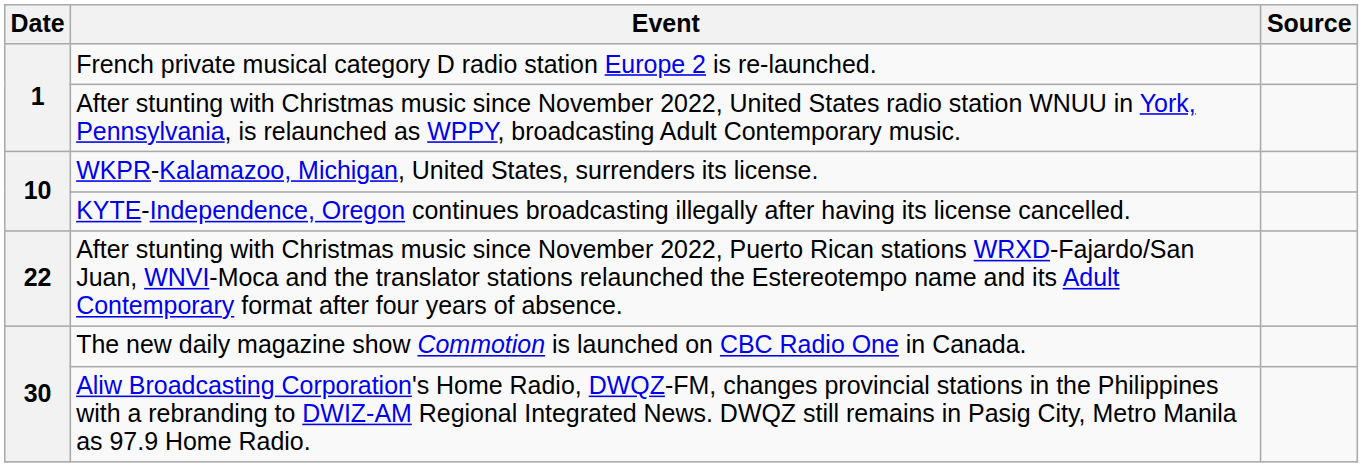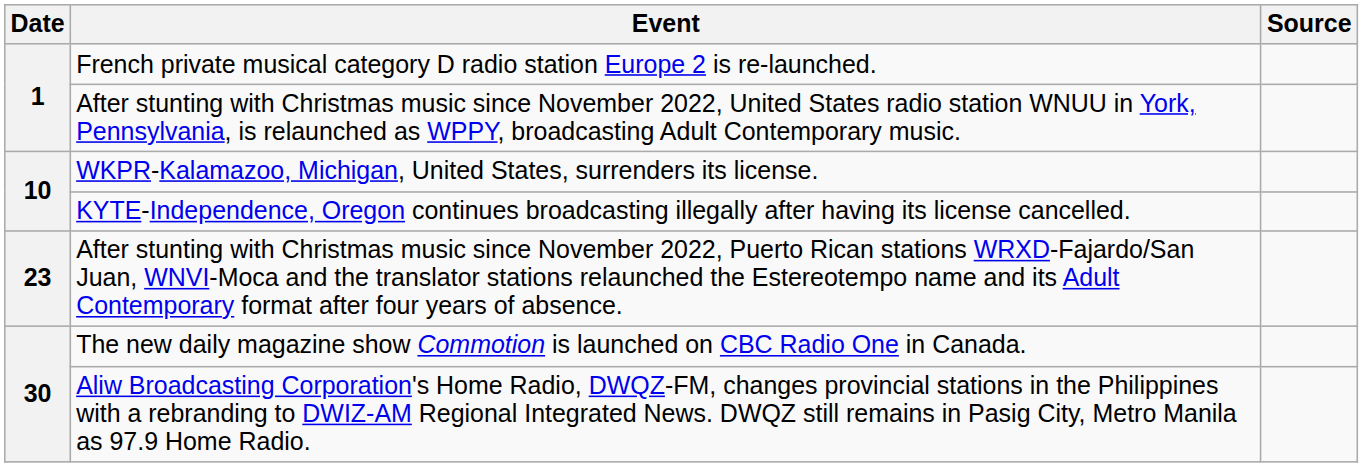 <table class=wikitable>
 <tr>
 <th>Date</th>
 <th>Event</th>
 <th>Source</th>
 </tr>
 <tr>
 <th rowspan="2">1</th>
 <td>French private musical category D radio station <a href='#'>Europe 2</a> is re-launched.</td>
 <td></td>
 </tr>
 <tr>
 <td>After stunting with Christmas music since November 2022, United States radio station WNUU in <a href='#'>York, Pennsylvania</a>, is relaunched as <a href='#'>WPPY</a>, broadcasting Adult Contemporary music.</td>
 <td></td>
 </tr>
 <tr>
 <th rowspan="2">10</th>
 <td><a href='#'>WKPR</a>-<a href='#'>Kalamazoo, Michigan</a>, United States, surrenders its license.</td>
 <td></td>
 </tr>
 <tr>
 <td><a href='#'>KYTE</a>-<a href='#'>Independence, Oregon</a> continues broadcasting illegally after having its license cancelled.</td>
 <td></td>
 </tr>
 <tr>
-<th rowspan="1">22</th>
+<th rowspan="1">23</th>
 <td>After stunting with Christmas music since November 2022, Puerto Rican stations <a href='#'>WRXD</a>-Fajardo/San Juan, <a href='#'>WNVI</a>-Moca and the translator stations relaunched the Estereotempo name and its <a href='#'>Adult Contemporary</a> format after four years of absence.</td>
 <td></td>
 </tr>
 <tr>
 <th rowspan="2">30</th>
 <td>The new daily magazine show <em><a href='#'>Commotion</a></em> is launched on <a href='#'>CBC Radio One</a> in Canada.</td>
 <td></td>
 </tr>
 <tr>
 <td><a href='#'>Aliw Broadcasting Corporation</a>'s Home Radio, <a href='#'>DWQZ</a>-FM, changes provincial stations in the Philippines with a rebranding to <a href='#'>DWIZ-AM</a> Regional Integrated News. DWQZ still remains in Pasig City, Metro Manila as 97.9 Home Radio.</td>
 <td></td>
 </tr>
 </table>
